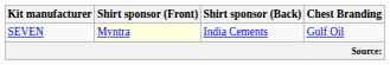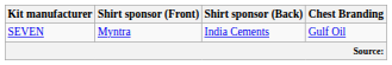 <table class="wikitable"  style="font-size:85%;">
 <tr>
 <th>Kit manufacturer</th>
 <th>Shirt sponsor (Front)</th>
 <th>Shirt sponsor (Back)</th>
 <th>Chest Branding</th>
 </tr>
 <tr>
 <td><a href='#'>SEVEN</a></td>
-<td style="background: lightyellow;"><a href='#'>Myntra</a></td>
+<td><a href='#'>Myntra</a></td>
 <td><a href='#'>India Cements</a></td>
 <td><a href='#'>Gulf Oil</a></td>
 </tr>
 <tr>
 <th colspan="4" style="text-align:right;"><small> Source:</small></th>
 </tr>
 </table>
